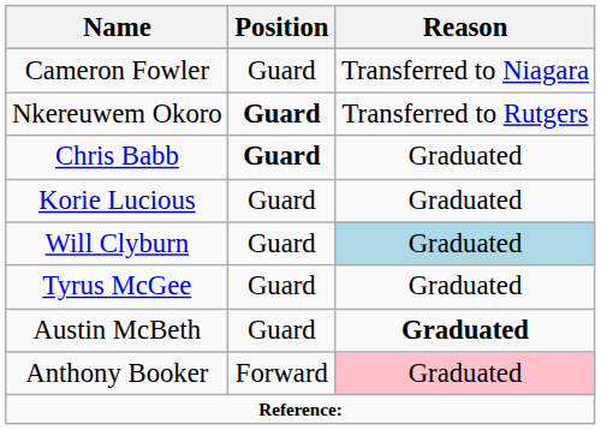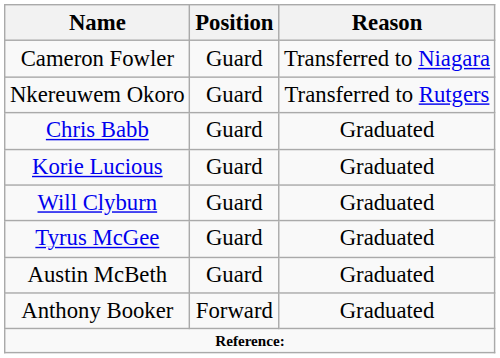 <table class="wikitable" style="text-align: center">
 <tr align=center>
 <th>Name</th>
 <th>Position</th>
 <th>Reason</th>
 </tr>
 <tr>
 <td>Cameron Fowler</td>
 <td>Guard</td>
 <td>Transferred to <a href='#'>Niagara</a></td>
 </tr>
 <tr>
 <td>Nkereuwem Okoro</td>
-<td><strong>Guard</strong></td>
+<td>Guard</td>
 <td>Transferred to <a href='#'>Rutgers</a></td>
 </tr>
 <tr>
 <td><a href='#'>Chris Babb</a></td>
-<td><strong>Guard</strong></td>
+<td>Guard</td>
 <td>Graduated</td>
 </tr>
 <tr>
 <td><a href='#'>Korie Lucious</a></td>
 <td>Guard</td>
 <td>Graduated</td>
 </tr>
 <tr>
 <td><a href='#'>Will Clyburn</a></td>
 <td>Guard</td>
-<td style="background: lightblue;">Graduated</td>
+<td>Graduated</td>
 </tr>
 <tr>
 <td><a href='#'>Tyrus McGee</a></td>
 <td>Guard</td>
 <td>Graduated</td>
 </tr>
 <tr>
 <td>Austin McBeth</td>
 <td>Guard</td>
-<td><strong>Graduated</strong></td>
+<td>Graduated</td>
 </tr>
 <tr>
 <td>Anthony Booker</td>
 <td>Forward</td>
-<td style="background: pink;">Graduated</td>
+<td>Graduated</td>
 </tr>
 <tr>
 <td colspan="6"  style="font-size:8pt; text-align:center;"><strong>Reference:</strong></td>
 </tr>
 </table>
